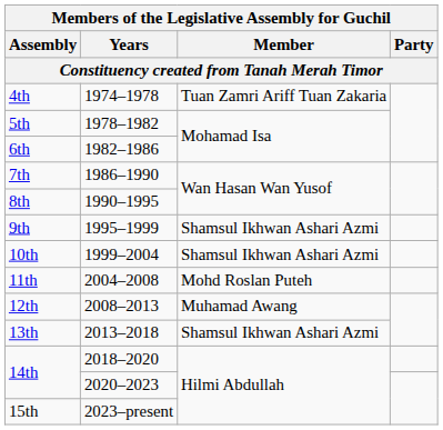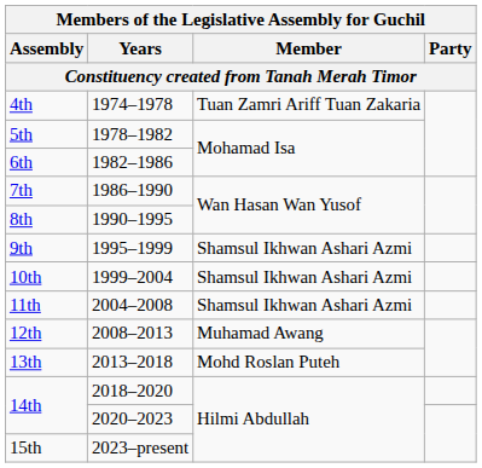 <table class=wikitable>
 <tr>
 <th colspan=4>Members of the Legislative Assembly for Guchil</th>
 </tr>
 <tr>
 <th>Assembly</th>
 <th>Years</th>
 <th>Member</th>
 <th>Party</th>
 </tr>
 <tr>
 <th colspan=4 align=center><em>Constituency created from Tanah Merah Timor</em></th>
 </tr>
 <tr>
 <td><a href='#'>4th</a></td>
 <td>1974–1978</td>
 <td>Tuan Zamri Ariff Tuan Zakaria</td>
 <td rowspan=3></td>
 </tr>
 <tr>
 <td><a href='#'>5th</a></td>
 <td>1978–1982</td>
 <td rowspan=2>Mohamad Isa</td>
 </tr>
 <tr>
 <td><a href='#'>6th</a></td>
 <td>1982–1986</td>
 </tr>
 <tr>
 <td><a href='#'>7th</a></td>
 <td>1986–1990</td>
 <td rowspan=2>Wan Hasan Wan Yusof</td>
 <td rowspan=2></td>
 </tr>
 <tr>
 <td><a href='#'>8th</a></td>
 <td>1990–1995</td>
 </tr>
 <tr>
 <td><a href='#'>9th</a></td>
 <td>1995–1999</td>
 <td>Shamsul Ikhwan Ashari Azmi</td>
 <td></td>
 </tr>
 <tr>
 <td><a href='#'>10th</a></td>
 <td>1999–2004</td>
 <td>Shamsul Ikhwan Ashari Azmi</td>
 <td></td>
 </tr>
 <tr>
 <td><a href='#'>11th</a></td>
 <td>2004–2008</td>
-<td>Mohd Roslan Puteh</td>
+<td>Shamsul Ikhwan Ashari Azmi</td>
 <td></td>
 </tr>
 <tr>
 <td><a href='#'>12th</a></td>
 <td>2008–2013</td>
 <td>Muhamad Awang</td>
 <td rowspan=2></td>
 </tr>
 <tr>
 <td><a href='#'>13th</a></td>
 <td>2013–2018</td>
-<td>Shamsul Ikhwan Ashari Azmi</td>
+<td>Mohd Roslan Puteh</td>
 </tr>
 <tr>
 <td rowspan="2"><a href='#'>14th</a></td>
 <td>2018–2020</td>
 <td rowspan="3">Hilmi Abdullah</td>
 <td></td>
 </tr>
 <tr>
 <td>2020–2023</td>
 <td rowspan=2></td>
 </tr>
 <tr>
 <td>15th</td>
 <td>2023–present</td>
 </tr>
 </table>
